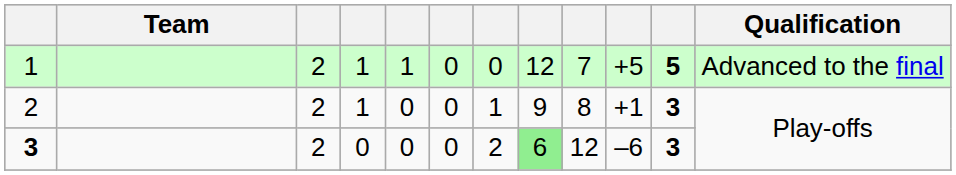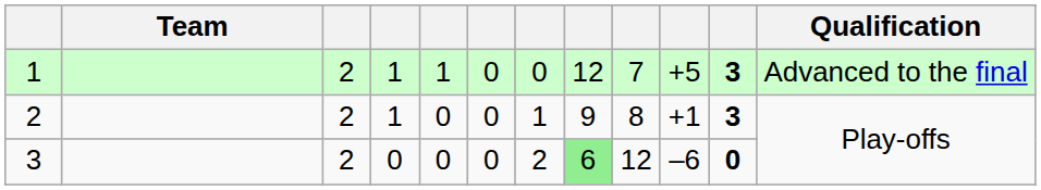 <table class="wikitable" style="text-align: center;">
 <tr>
 <th width="25"></th>
 <th width="140">Team</th>
 <th width="20"></th>
 <th width="20"></th>
 <th width="20"></th>
 <th width="20"></th>
 <th width="20"></th>
 <th width="20"></th>
 <th width="20"></th>
 <th width="20"></th>
 <th width="20"></th>
 <th width="150">Qualification</th>
 </tr>
 <tr style="background-color: #ccffcc;">
 <td>1</td>
 <td align=left></td>
 <td>2</td>
 <td>1</td>
 <td>1</td>
 <td>0</td>
 <td>0</td>
 <td>12</td>
 <td>7</td>
 <td>+5</td>
-<td><strong>5</strong></td>
+<td><strong>3</strong></td>
 <td>Advanced to the <a href='#'>final</a></td>
 </tr>
 <tr>
 <td>2</td>
 <td align=left></td>
 <td>2</td>
 <td>1</td>
 <td>0</td>
 <td>0</td>
 <td>1</td>
 <td>9</td>
 <td>8</td>
 <td>+1</td>
 <td><strong>3</strong></td>
 <td rowspan="2">Play-offs</td>
 </tr>
 <tr>
-<td><strong>3</strong></td>
+<td>3</td>
 <td align=left></td>
 <td>2</td>
 <td>0</td>
 <td>0</td>
 <td>0</td>
 <td>2</td>
 <td style="background: lightgreen;">6</td>
 <td>12</td>
 <td>–6</td>
-<td><strong>3</strong></td>
+<td><strong>0</strong></td>
 </tr>
 </table>
